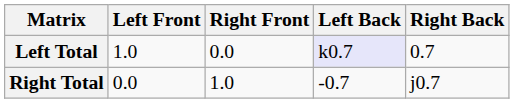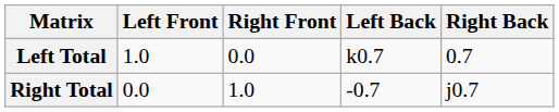 <table class="wikitable">
 <tr>
 <th>Matrix</th>
 <th>Left Front</th>
 <th>Right Front</th>
 <th>Left Back</th>
 <th>Right Back</th>
 </tr>
 <tr>
 <th>Left Total</th>
 <td>1.0</td>
 <td>0.0</td>
-<td style="background: lavender;">k0.7</td>
+<td>k0.7</td>
 <td>0.7</td>
 </tr>
 <tr>
 <th>Right Total</th>
 <td>0.0</td>
 <td>1.0</td>
 <td>-0.7</td>
 <td>j0.7</td>
 </tr>
 </table>
